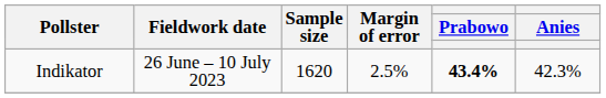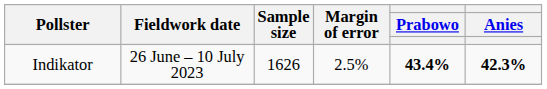 <table class="wikitable" style="text-align:center; font-size:90%; line-height:14px;">
 <tr bgcolor=lightgray>
 <th style="width:95px;" rowspan="3">Pollster</th>
 <th style="width:110px;" rowspan="3">Fieldwork date</th>
 <th style="width:35px;" rowspan="3">Sample size</th>
 <th rowspan="3" style="width:60px;">Margin of error</th>
 <th style="width:60px;"></th>
 <th style="width:60px;"></th>
 </tr>
 <tr>
 <th><a href='#'>Prabowo</a> <br></th>
 <th><a href='#'>Anies</a> <br></th>
 </tr>
 <tr>
 <th class="unsortable" style="color:inherit;background:"></th>
 <th class="unsortable" style="color:inherit;background:"></th>
 </tr>
 <tr>
 <td>Indikator</td>
 <td>26 June – 10 July 2023</td>
-<td>1620</td>
+<td>1626</td>
 <td>2.5%</td>
 <td style="background-color:#"><strong>43.4%</strong></td>
-<td>42.3%</td>
+<td><strong>42.3%</strong></td>
 </tr>
 <tr>
 </tr>
 </table>
